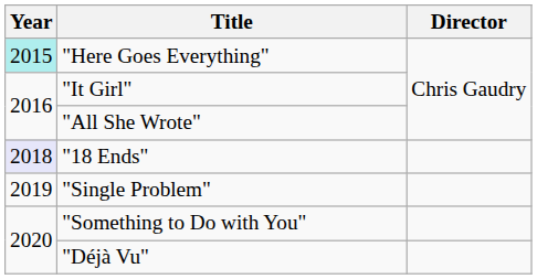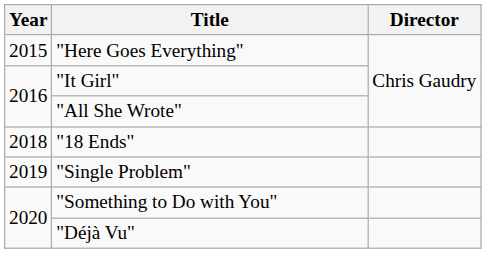 <table class="wikitable plainrowheaders">
 <tr>
 <th scope="col">Year</th>
 <th scope="col" style="width:16em;">Title</th>
 <th scope="col">Director</th>
 </tr>
 <tr>
-<td style="background: paleturquoise;">2015</td>
+<td>2015</td>
 <td>"Here Goes Everything" </td>
 <td rowspan="3">Chris Gaudry</td>
 </tr>
 <tr>
 <td rowspan="2">2016</td>
 <td>"It Girl"</td>
 </tr>
 <tr>
 <td>"All She Wrote"</td>
 </tr>
 <tr>
-<td style="background: lavender;">2018</td>
+<td>2018</td>
 <td>"18 Ends"</td>
 <td></td>
 </tr>
 <tr>
 <td>2019</td>
 <td>"Single Problem"</td>
 <td></td>
 </tr>
 <tr>
 <td rowspan="2">2020</td>
 <td>"Something to Do with You"</td>
 <td></td>
 </tr>
 <tr>
 <td>"Déjà Vu"</td>
 <td></td>
 </tr>
 </table>
